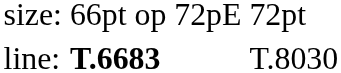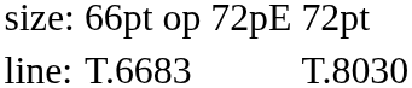 <table style="margin-left:40px;">
 <tr>
 <td>size:</td>
 <td>66pt op 72pE</td>
 <td>72pt</td>
 </tr>
 <tr>
 <td>line:</td>
-<td><strong>T.6683</strong></td>
+<td>T.6683</td>
 <td>T.8030</td>
 </tr>
 </table>
